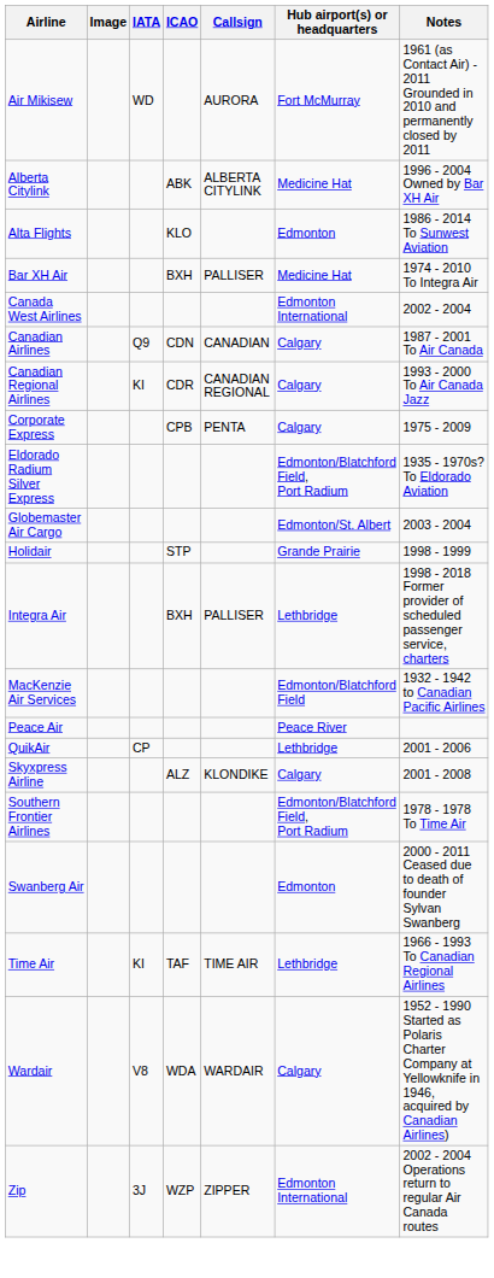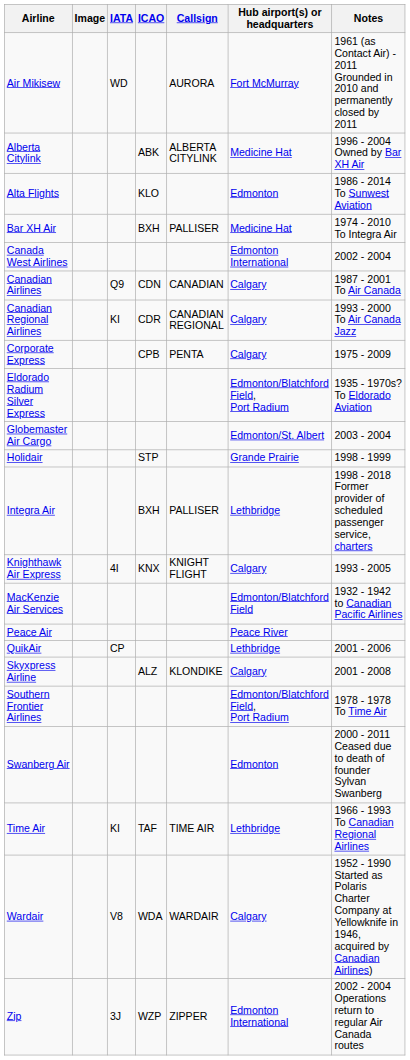 <table class="wikitable sortable" style="border: 0; cellpadding: 2; cellspacing: 3;">
 <tr style="vertical-align:middle;">
 <th>Airline</th>
 <th>Image</th>
 <th><a href='#'>IATA</a></th>
 <th><a href='#'>ICAO</a></th>
 <th><a href='#'>Callsign</a></th>
 <th>Hub airport(s) or<br>headquarters</th>
 <th class="unsortable">Notes</th>
 </tr>
 <tr>
 <td><a href='#'>Air Mikisew</a></td>
 <td></td>
 <td>WD</td>
 <td></td>
 <td>AURORA</td>
 <td><a href='#'>Fort McMurray</a></td>
 <td>1961 (as Contact Air) - 2011<br>Grounded in 2010 and permanently closed by 2011</td>
 </tr>
 <tr>
 <td><a href='#'>Alberta Citylink</a></td>
 <td></td>
 <td></td>
 <td>ABK</td>
 <td>ALBERTA CITYLINK</td>
 <td><a href='#'>Medicine Hat</a></td>
 <td>1996 - 2004<br>Owned by <a href='#'>Bar XH Air</a></td>
 </tr>
 <tr>
 <td><a href='#'>Alta Flights</a></td>
 <td></td>
 <td></td>
 <td>KLO</td>
 <td></td>
 <td><a href='#'>Edmonton</a></td>
 <td>1986 - 2014<br>To <a href='#'>Sunwest Aviation</a></td>
 </tr>
 <tr>
 <td><a href='#'>Bar XH Air</a></td>
 <td></td>
 <td></td>
 <td>BXH</td>
 <td>PALLISER</td>
 <td><a href='#'>Medicine Hat</a></td>
 <td>1974 - 2010<br>To Integra Air </td>
 </tr>
 <tr>
 <td><a href='#'>Canada West Airlines</a></td>
 <td></td>
 <td></td>
 <td></td>
 <td></td>
 <td><a href='#'>Edmonton International</a></td>
 <td>2002 - 2004</td>
 </tr>
 <tr>
 <td><a href='#'>Canadian Airlines</a></td>
 <td></td>
 <td>Q9</td>
 <td>CDN</td>
 <td>CANADIAN</td>
 <td><a href='#'>Calgary</a></td>
 <td>1987 - 2001<br>To <a href='#'>Air Canada</a></td>
 </tr>
 <tr>
 <td><a href='#'>Canadian Regional Airlines</a></td>
 <td></td>
 <td>KI</td>
 <td>CDR</td>
 <td>CANADIAN REGIONAL</td>
 <td><a href='#'>Calgary</a></td>
 <td>1993 - 2000<br>To <a href='#'>Air Canada Jazz</a></td>
 </tr>
 <tr>
 <td><a href='#'>Corporate Express</a></td>
 <td></td>
 <td></td>
 <td>CPB</td>
 <td>PENTA</td>
 <td><a href='#'>Calgary</a></td>
 <td>1975 - 2009</td>
 </tr>
 <tr>
 <td><a href='#'>Eldorado Radium Silver Express</a></td>
 <td></td>
 <td></td>
 <td></td>
 <td></td>
 <td><a href='#'>Edmonton/Blatchford Field</a>,<br><a href='#'>Port Radium</a></td>
 <td>1935 - 1970s?<br>To <a href='#'>Eldorado Aviation</a></td>
 </tr>
 <tr>
 <td><a href='#'>Globemaster Air Cargo</a></td>
 <td></td>
 <td></td>
 <td></td>
 <td></td>
 <td><a href='#'>Edmonton/St. Albert</a></td>
 <td>2003 - 2004</td>
 </tr>
 <tr>
 <td><a href='#'>Holidair</a></td>
 <td></td>
 <td></td>
 <td>STP</td>
 <td></td>
 <td><a href='#'>Grande Prairie</a></td>
 <td>1998 - 1999</td>
 </tr>
 <tr>
 <td><a href='#'>Integra Air</a></td>
 <td></td>
 <td></td>
 <td>BXH</td>
 <td>PALLISER</td>
 <td><a href='#'>Lethbridge</a></td>
 <td>1998 - 2018<br>Former provider of scheduled passenger service, <a href='#'>charters</a></td>
 </tr>
 <tr>
+<td><a href='#'>Knighthawk Air Express</a></td>
+<td></td>
+<td>4I</td>
+<td>KNX</td>
+<td>KNIGHT FLIGHT</td>
+<td><a href='#'>Calgary</a></td>
+<td>1993 - 2005</td>
+</tr>
+<tr>
 <td><a href='#'>MacKenzie Air Services</a></td>
 <td></td>
 <td></td>
 <td></td>
 <td></td>
 <td><a href='#'>Edmonton/Blatchford Field</a></td>
 <td>1932 - 1942<br>to <a href='#'>Canadian Pacific Airlines</a></td>
 </tr>
 <tr>
 <td><a href='#'>Peace Air</a></td>
 <td></td>
 <td></td>
 <td></td>
 <td></td>
 <td><a href='#'>Peace River</a></td>
 <td></td>
 </tr>
 <tr>
 <td><a href='#'>QuikAir</a></td>
 <td></td>
 <td>CP</td>
 <td></td>
 <td></td>
 <td><a href='#'>Lethbridge</a></td>
 <td>2001 - 2006</td>
 </tr>
 <tr>
 <td><a href='#'>Skyxpress Airline</a></td>
 <td></td>
 <td></td>
 <td>ALZ</td>
 <td>KLONDIKE</td>
 <td><a href='#'>Calgary</a></td>
 <td>2001 - 2008</td>
 </tr>
 <tr>
 <td><a href='#'>Southern Frontier Airlines</a></td>
 <td></td>
 <td></td>
 <td></td>
 <td></td>
 <td><a href='#'>Edmonton/Blatchford Field</a>,<br><a href='#'>Port Radium</a></td>
 <td>1978 - 1978<br>To <a href='#'>Time Air</a></td>
 </tr>
 <tr>
 <td><a href='#'>Swanberg Air</a></td>
 <td></td>
 <td></td>
 <td></td>
 <td></td>
 <td><a href='#'>Edmonton</a></td>
 <td>2000 - 2011<br>Ceased due to death of founder Sylvan Swanberg</td>
 </tr>
 <tr>
 <td><a href='#'>Time Air</a></td>
 <td></td>
 <td>KI</td>
 <td>TAF</td>
 <td>TIME AIR</td>
 <td><a href='#'>Lethbridge</a></td>
 <td>1966 - 1993<br>To <a href='#'>Canadian Regional Airlines</a></td>
 </tr>
 <tr>
 <td><a href='#'>Wardair</a></td>
 <td></td>
 <td>V8</td>
 <td>WDA</td>
 <td>WARDAIR</td>
 <td><a href='#'>Calgary</a></td>
 <td>1952 - 1990<br>Started as Polaris Charter Company at Yellowknife in 1946, acquired by <a href='#'>Canadian Airlines</a>)</td>
 </tr>
 <tr>
 <td><a href='#'>Zip</a></td>
 <td></td>
 <td>3J</td>
 <td>WZP</td>
 <td>ZIPPER</td>
 <td><a href='#'>Edmonton International</a></td>
 <td>2002 - 2004<br>Operations return to regular Air Canada routes</td>
 </tr>
 </table>
